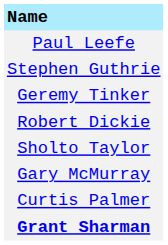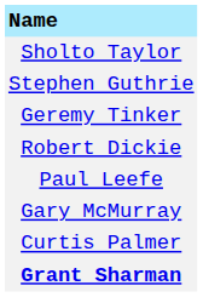 <table border=0 cellpadding=2 cellspacing=0  |- bgcolor=#F2F2F2 style="text-align:center; font-size:90%;">
 <tr bgcolor=#ADEBFD>
 <th align=left>Name</th>
 </tr>
 <tr>
-<td><a href='#'>Paul Leefe</a></td>
+<td><a href='#'>Sholto Taylor</a></td>
 </tr>
 <tr>
 <td><a href='#'>Stephen Guthrie</a></td>
 </tr>
 <tr>
 <td><a href='#'>Geremy Tinker</a></td>
 </tr>
 <tr>
 <td><a href='#'>Robert Dickie</a></td>
 </tr>
 <tr>
-<td><a href='#'>Sholto Taylor</a></td>
+<td><a href='#'>Paul Leefe</a></td>
 </tr>
 <tr>
 <td><a href='#'>Gary McMurray</a></td>
 </tr>
 <tr>
 <td><a href='#'>Curtis Palmer</a></td>
 </tr>
 <tr>
 <td><strong><a href='#'>Grant Sharman</a></strong></td>
 </tr>
 </table>
